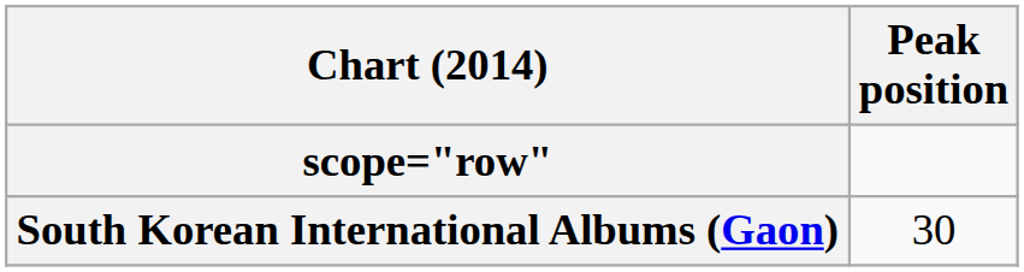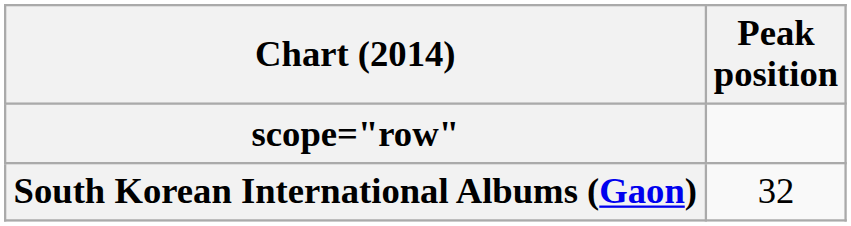 <table class="wikitable sortable plainrowheaders" style="text-align:center;">
 <tr>
 <th scope="col">Chart (2014)</th>
 <th scope="col">Peak<br>position</th>
 </tr>
 <tr>
 <th>scope="row"</th>
 </tr>
 <tr>
 <th scope="row">South Korean International Albums (<a href='#'>Gaon</a>)</th>
-<td>30</td>
+<td>32</td>
 </tr>
 </table>
